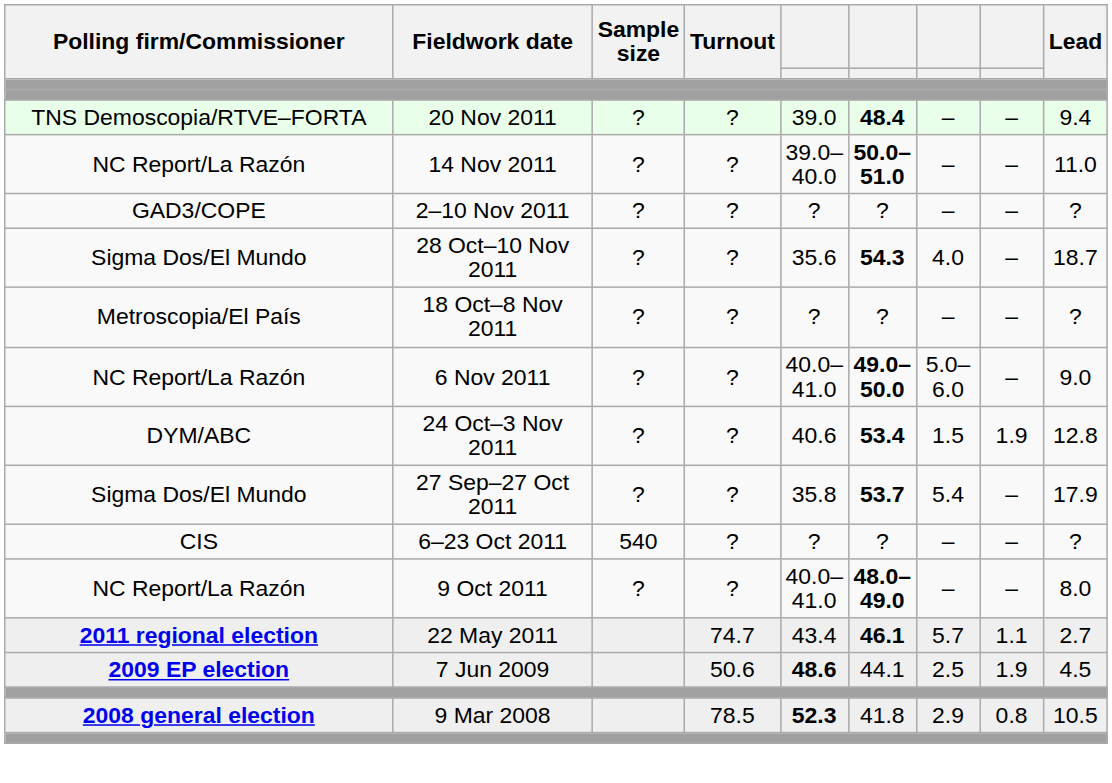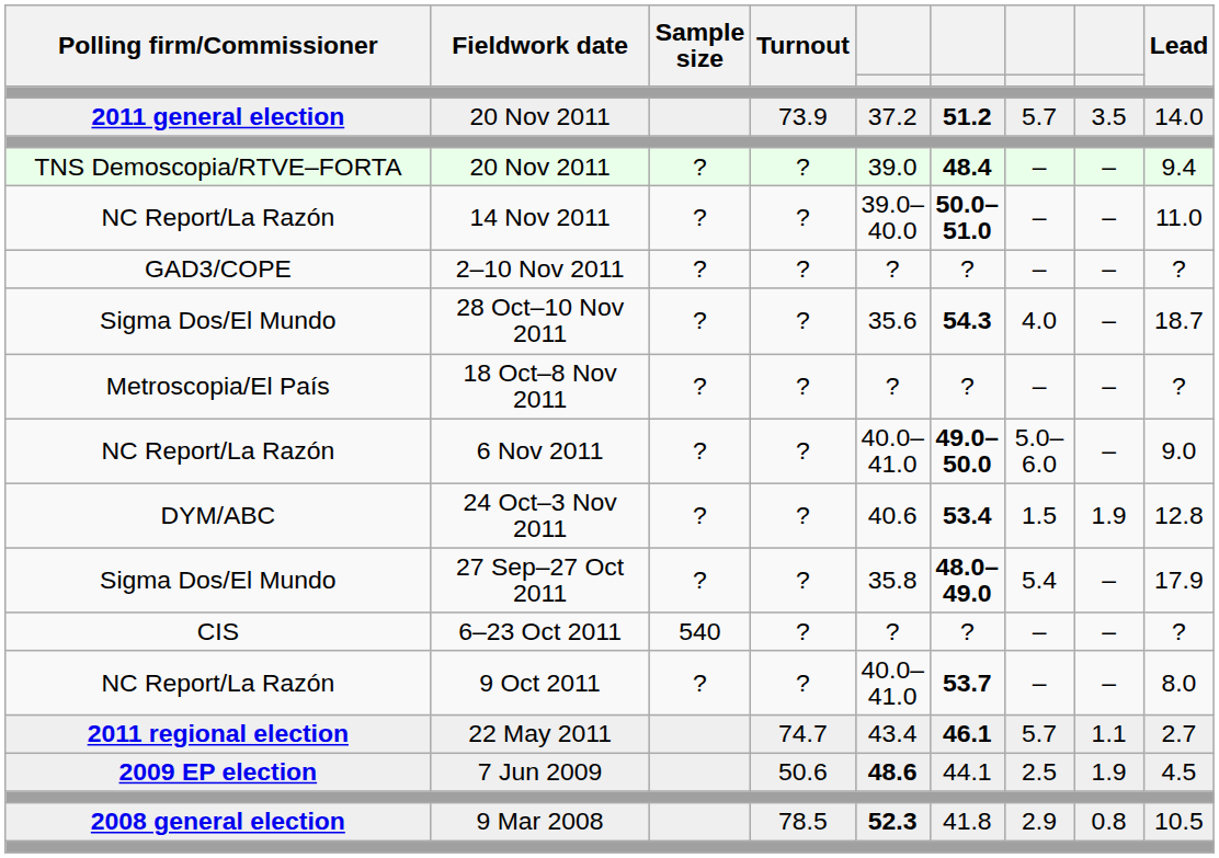 <table class="wikitable collapsible collapsed" style="text-align:center; font-size:95%; line-height:16px;">
 <tr style="height:42px;">
 <th style="width:250px;" rowspan="2">Polling firm/Commissioner</th>
 <th style="width:125px;" rowspan="2">Fieldwork date</th>
 <th style="width:50px;" rowspan="2">Sample size</th>
 <th style="width:45px;" rowspan="2">Turnout</th>
 <th style="width:35px;"></th>
 <th style="width:35px;"></th>
 <th style="width:35px;"></th>
 <th style="width:35px;"></th>
 <th style="width:30px;" rowspan="2">Lead</th>
 </tr>
 <tr>
 <th style="color:inherit;background:"></th>
 <th style="color:inherit;background:"></th>
 <th style="color:inherit;background:"></th>
 <th style="color:inherit;background:"></th>
 </tr>
 <tr>
 <td colspan="9" style="background:#A0A0A0"></td>
+</tr>
+<tr style="background:#EFEFEF;">
+<td><strong><a href='#'>2011 general election</a></strong></td>
+<td>20 Nov 2011</td>
+<td></td>
+<td>73.9</td>
+<td>37.2<br></td>
+<td><strong>51.2</strong><br></td>
+<td>5.7<br></td>
+<td>3.5<br></td>
+<td style="background:">14.0</td>
 </tr>
 <tr>
 <td colspan="9" style="background:#A0A0A0"></td>
 </tr>
 <tr style="background:#EAFFEA;">
 <td>TNS Demoscopia/RTVE–FORTA</td>
 <td>20 Nov 2011</td>
 <td>?</td>
 <td>?</td>
 <td>39.0<br></td>
 <td><strong>48.4</strong><br></td>
 <td>–</td>
 <td>–</td>
 <td style="background:">9.4</td>
 </tr>
 <tr>
 <td>NC Report/La Razón</td>
 <td>14 Nov 2011</td>
 <td>?</td>
 <td>?</td>
 <td>39.0–<br>40.0<br></td>
 <td><strong>50.0–<br>51.0</strong><br></td>
 <td>–</td>
 <td>–</td>
 <td style="background:">11.0</td>
 </tr>
 <tr>
 <td>GAD3/COPE</td>
 <td>2–10 Nov 2011</td>
 <td>?</td>
 <td>?</td>
 <td>?<br></td>
 <td>?<br></td>
 <td>–</td>
 <td>–</td>
 <td style="background:">?</td>
 </tr>
 <tr>
 <td>Sigma Dos/El Mundo</td>
 <td>28 Oct–10 Nov 2011</td>
 <td>?</td>
 <td>?</td>
 <td>35.6<br></td>
 <td><strong>54.3</strong><br></td>
 <td>4.0<br></td>
 <td>–</td>
 <td style="background:">18.7</td>
 </tr>
 <tr>
 <td>Metroscopia/El País</td>
 <td>18 Oct–8 Nov 2011</td>
 <td>?</td>
 <td>?</td>
 <td>?<br></td>
 <td>?<br></td>
 <td>–</td>
 <td>–</td>
 <td style="background:">?</td>
 </tr>
 <tr>
 <td>NC Report/La Razón</td>
 <td>6 Nov 2011</td>
 <td>?</td>
 <td>?</td>
 <td>40.0–<br>41.0<br></td>
 <td><strong>49.0–<br>50.0</strong><br></td>
 <td>5.0–<br>6.0<br></td>
 <td>–</td>
 <td style="background:">9.0</td>
 </tr>
 <tr>
 <td>DYM/ABC</td>
 <td>24 Oct–3 Nov 2011</td>
 <td>?</td>
 <td>?</td>
 <td>40.6<br></td>
 <td><strong>53.4</strong><br></td>
 <td>1.5<br></td>
 <td>1.9<br></td>
 <td style="background:">12.8</td>
 </tr>
 <tr>
 <td>Sigma Dos/El Mundo</td>
 <td>27 Sep–27 Oct 2011</td>
 <td>?</td>
 <td>?</td>
 <td>35.8<br></td>
-<td><strong>53.7</strong><br></td>
+<td><strong>48.0–<br>49.0</strong><br></td>
 <td>5.4<br></td>
 <td>–</td>
 <td style="background:">17.9</td>
 </tr>
 <tr>
 <td>CIS</td>
 <td>6–23 Oct 2011</td>
 <td>540</td>
 <td>?</td>
 <td>?<br></td>
 <td>?<br></td>
 <td>–</td>
 <td>–</td>
 <td style="background:">?</td>
 </tr>
 <tr>
 <td>NC Report/La Razón</td>
 <td>9 Oct 2011</td>
 <td>?</td>
 <td>?</td>
 <td>40.0–<br>41.0<br></td>
-<td><strong>48.0–<br>49.0</strong><br></td>
+<td><strong>53.7</strong><br></td>
 <td>–</td>
 <td>–</td>
 <td style="background:">8.0</td>
 </tr>
 <tr style="background:#EFEFEF;">
 <td><strong><a href='#'>2011 regional election</a></strong></td>
 <td>22 May 2011</td>
 <td></td>
 <td>74.7</td>
 <td>43.4<br></td>
 <td><strong>46.1</strong><br></td>
 <td>5.7<br></td>
 <td>1.1<br></td>
 <td style="background:">2.7</td>
 </tr>
 <tr style="background:#EFEFEF;">
 <td><strong><a href='#'>2009 EP election</a></strong></td>
 <td>7 Jun 2009</td>
 <td></td>
 <td>50.6</td>
 <td><strong>48.6</strong><br></td>
 <td>44.1<br></td>
 <td>2.5<br></td>
 <td>1.9<br></td>
 <td style="background:">4.5</td>
 </tr>
 <tr>
 <td colspan="9" style="background:#A0A0A0"></td>
 </tr>
 <tr style="background:#EFEFEF;">
 <td><strong><a href='#'>2008 general election</a></strong></td>
 <td>9 Mar 2008</td>
 <td></td>
 <td>78.5</td>
 <td><strong>52.3</strong><br></td>
 <td>41.8<br></td>
 <td>2.9<br></td>
 <td>0.8<br></td>
 <td style="background:">10.5</td>
 </tr>
 <tr>
 <td colspan="9" style="background:#A0A0A0"></td>
 </tr>
 </table>
